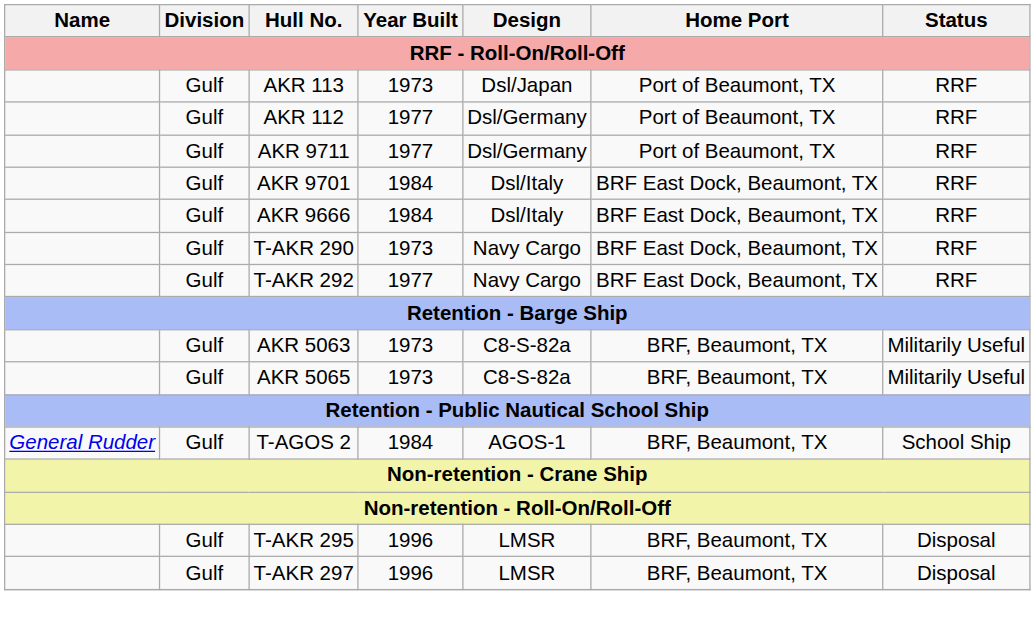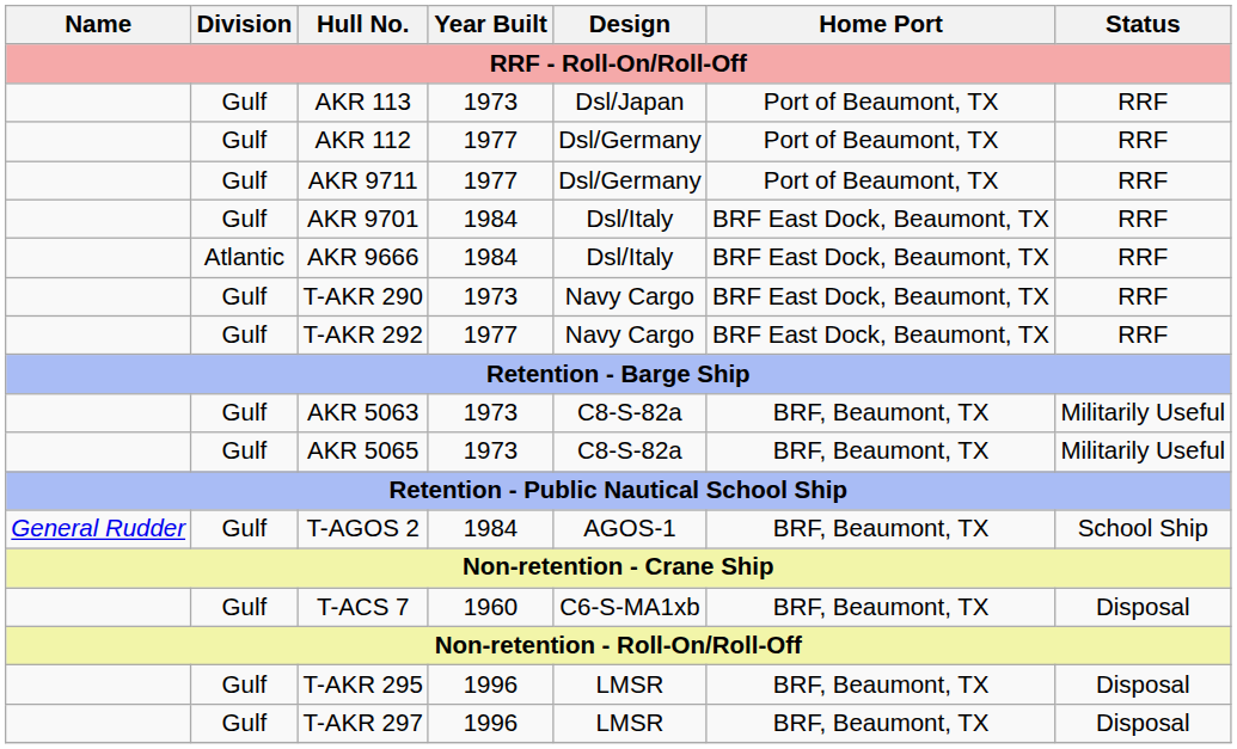 <table class="wikitable" style="text-align: center;">
 <tr>
 <th>Name</th>
 <th>Division</th>
 <th>Hull No.</th>
 <th>Year Built</th>
 <th>Design</th>
 <th>Home Port</th>
 <th>Status</th>
 </tr>
 <tr>
 <th style="align: center; background: #F5A9A9;" colspan="7">RRF - Roll-On/Roll-Off</th>
 </tr>
 <tr>
 <td></td>
 <td>Gulf</td>
 <td>AKR 113</td>
 <td>1973</td>
 <td>Dsl/Japan</td>
 <td>Port of Beaumont, TX</td>
 <td>RRF</td>
 </tr>
 <tr>
 <td></td>
 <td>Gulf</td>
 <td>AKR 112</td>
 <td>1977</td>
 <td>Dsl/Germany</td>
 <td>Port of Beaumont, TX</td>
 <td>RRF</td>
 </tr>
 <tr>
 <td></td>
 <td>Gulf</td>
 <td>AKR 9711</td>
 <td>1977</td>
 <td>Dsl/Germany</td>
 <td>Port of Beaumont, TX</td>
 <td>RRF</td>
 </tr>
 <tr>
 <td></td>
 <td>Gulf</td>
 <td>AKR 9701</td>
 <td>1984</td>
 <td>Dsl/Italy</td>
 <td>BRF East Dock, Beaumont, TX</td>
 <td>RRF</td>
 </tr>
 <tr>
 <td></td>
-<td>Gulf</td>
+<td>Atlantic</td>
 <td>AKR 9666</td>
 <td>1984</td>
 <td>Dsl/Italy</td>
 <td>BRF East Dock, Beaumont, TX</td>
 <td>RRF</td>
 </tr>
 <tr>
 <td></td>
 <td>Gulf</td>
 <td>T-AKR 290</td>
 <td>1973</td>
 <td>Navy Cargo</td>
 <td>BRF East Dock, Beaumont, TX</td>
 <td>RRF</td>
 </tr>
 <tr>
 <td></td>
 <td>Gulf</td>
 <td>T-AKR 292</td>
 <td>1977</td>
 <td>Navy Cargo</td>
 <td>BRF East Dock, Beaumont, TX</td>
 <td>RRF</td>
 </tr>
 <tr>
 <th style="align: center; background: #A9BCF5;" colspan="7">Retention - Barge Ship</th>
 </tr>
 <tr>
 <td></td>
 <td>Gulf</td>
 <td>AKR 5063</td>
 <td>1973</td>
 <td>C8-S-82a</td>
 <td>BRF, Beaumont, TX</td>
 <td>Militarily Useful</td>
 </tr>
 <tr>
 <td></td>
 <td>Gulf</td>
 <td>AKR 5065</td>
 <td>1973</td>
 <td>C8-S-82a</td>
 <td>BRF, Beaumont, TX</td>
 <td>Militarily Useful</td>
 </tr>
 <tr>
 <th style="align: center; background: #A9BCF5;" colspan="7">Retention - Public Nautical School Ship</th>
 </tr>
 <tr>
 <td><a href='#'><em>General Rudder</em></a></td>
 <td>Gulf</td>
 <td>T-AGOS 2</td>
 <td>1984</td>
 <td>AGOS-1</td>
 <td>BRF, Beaumont, TX</td>
 <td>School Ship</td>
 </tr>
 <tr>
 <th style="align: center; background: #F2F5A9;" colspan="7">Non-retention - Crane Ship</th>
 </tr>
 <tr>
+<td></td>
+<td>Gulf</td>
+<td>T-ACS 7</td>
+<td>1960</td>
+<td>C6-S-MA1xb</td>
+<td>BRF, Beaumont, TX</td>
+<td>Disposal</td>
+</tr>
+<tr>
 <th style="align: center; background: #F2F5A9;" colspan="7">Non-retention - Roll-On/Roll-Off</th>
 </tr>
 <tr>
 <td></td>
 <td>Gulf</td>
 <td>T-AKR 295</td>
 <td>1996</td>
 <td>LMSR</td>
 <td>BRF, Beaumont, TX</td>
 <td>Disposal</td>
 </tr>
 <tr>
 <td></td>
 <td>Gulf</td>
 <td>T-AKR 297</td>
 <td>1996</td>
 <td>LMSR</td>
 <td>BRF, Beaumont, TX</td>
 <td>Disposal</td>
 </tr>
 <tr>
 </tr>
 </table>
